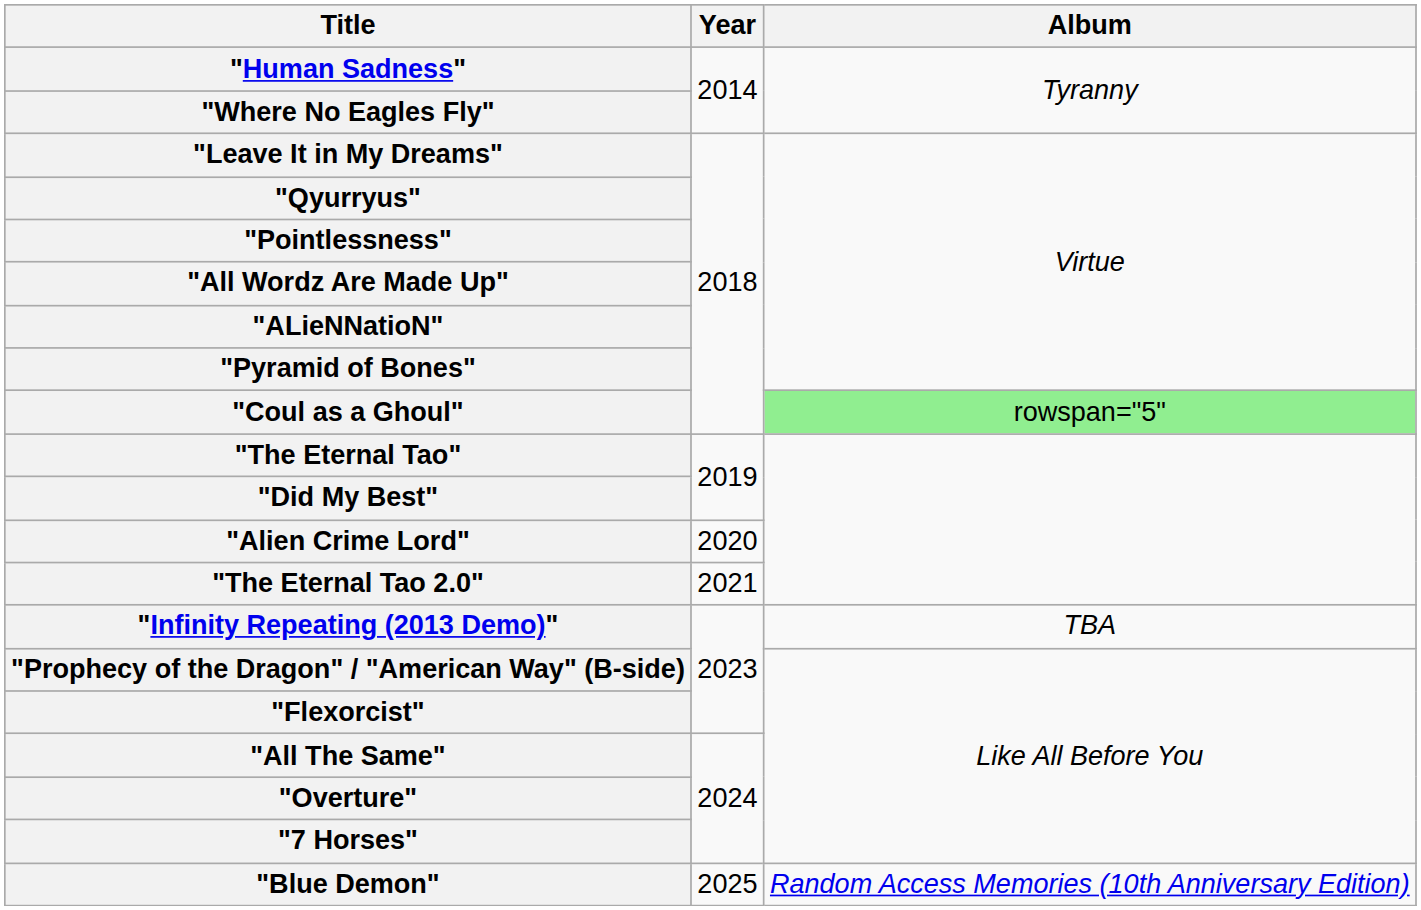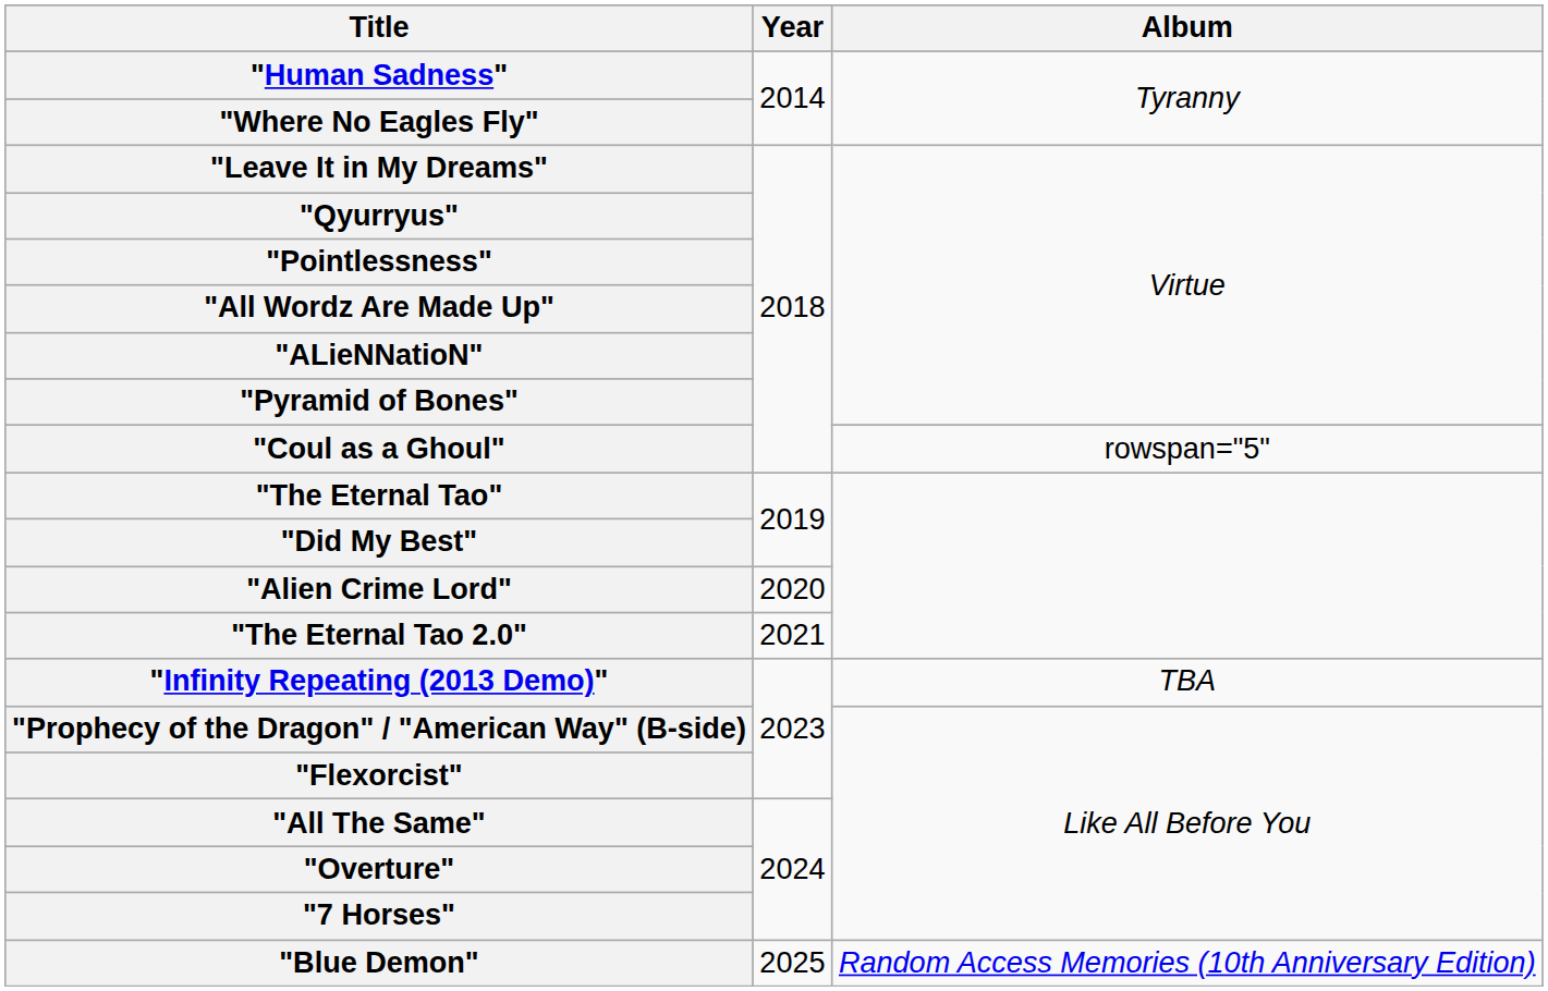 <table class="wikitable plainrowheaders" style="text-align:center;">
 <tr>
 <th scope="col">Title</th>
 <th scope="col">Year</th>
 <th scope="col">Album</th>
 </tr>
 <tr>
 <th scope="row">"<a href='#'>Human Sadness</a>"</th>
 <td rowspan="2">2014</td>
 <td rowspan="2"><em>Tyranny</em></td>
 </tr>
 <tr>
 <th scope="row">"Where No Eagles Fly"</th>
 </tr>
 <tr>
 <th scope="row">"Leave It in My Dreams"</th>
 <td rowspan="7">2018</td>
 <td rowspan="6"><em>Virtue</em></td>
 </tr>
 <tr>
 <th scope="row">"Qyurryus"</th>
 </tr>
 <tr>
 <th scope="row">"Pointlessness"</th>
 </tr>
 <tr>
 <th scope="row">"All Wordz Are Made Up"</th>
 </tr>
 <tr>
 <th scope="row">"ALieNNatioN"</th>
 </tr>
 <tr>
 <th scope="row">"Pyramid of Bones"</th>
 </tr>
 <tr>
 <th scope="row">"Coul as a Ghoul"</th>
-<td style="background: lightgreen;">rowspan="5" </td>
+<td>rowspan="5" </td>
 </tr>
 <tr>
 <th scope="row">"The Eternal Tao"</th>
 <td rowspan="2">2019</td>
 </tr>
 <tr>
 <th scope="row">"Did My Best"</th>
 </tr>
 <tr>
 <th scope="row">"Alien Crime Lord"</th>
 <td>2020</td>
 </tr>
 <tr>
 <th scope="row">"The Eternal Tao 2.0"</th>
 <td>2021</td>
 </tr>
 <tr>
 <th scope="row">"<a href='#'>Infinity Repeating (2013 Demo)</a>"<br></th>
 <td rowspan="3">2023</td>
 <td><em>TBA</em></td>
 </tr>
 <tr>
 <th scope="row">"Prophecy of the Dragon" / "American Way" (B-side)</th>
 <td rowspan="5"><em>Like All Before You</em></td>
 </tr>
 <tr>
 <th scope="row">"Flexorcist"</th>
 </tr>
 <tr>
 <th scope="row">"All The Same"</th>
 <td rowspan="3">2024</td>
 </tr>
 <tr>
 <th scope="row">"Overture"</th>
 </tr>
 <tr>
 <th scope="row">"7 Horses"</th>
 </tr>
 <tr>
 <th scope="row">"Blue Demon"</th>
 <td>2025</td>
 <td><em><a href='#'>Random Access Memories (10th Anniversary Edition)</a></em></td>
 </tr>
 </table>
